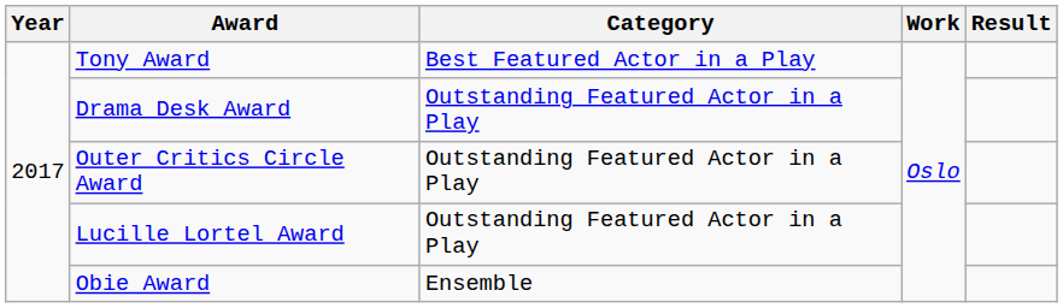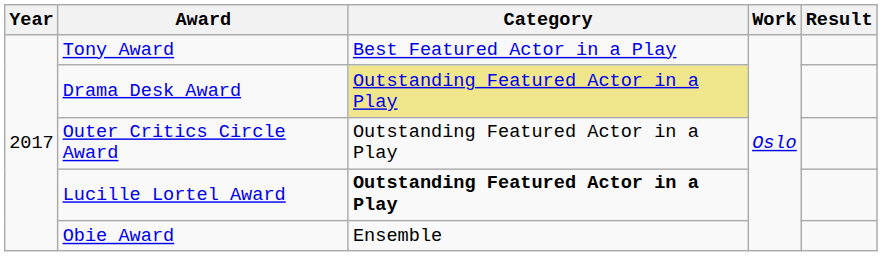 <table class="wikitable sortable">
 <tr>
 <th>Year</th>
 <th>Award</th>
 <th>Category</th>
 <th>Work</th>
 <th>Result</th>
 </tr>
 <tr>
 <td rowspan="5" style="text-align: center;">2017</td>
 <td><a href='#'>Tony Award</a></td>
 <td><a href='#'>Best Featured Actor in a Play</a></td>
 <td rowspan="5"><em><a href='#'>Oslo</a></em></td>
 <td></td>
 </tr>
 <tr>
 <td><a href='#'>Drama Desk Award</a></td>
-<td><a href='#'>Outstanding Featured Actor in a Play</a></td>
+<td style="background: khaki;"><a href='#'>Outstanding Featured Actor in a Play</a></td>
 <td></td>
 </tr>
 <tr>
 <td><a href='#'>Outer Critics Circle Award</a></td>
 <td>Outstanding Featured Actor in a Play</td>
 <td></td>
 </tr>
 <tr>
 <td><a href='#'>Lucille Lortel Award</a></td>
-<td>Outstanding Featured Actor in a Play</td>
+<td><strong>Outstanding Featured Actor in a Play</strong></td>
 <td></td>
 </tr>
 <tr>
 <td><a href='#'>Obie Award</a></td>
 <td>Ensemble</td>
 <td></td>
 </tr>
 </table>
